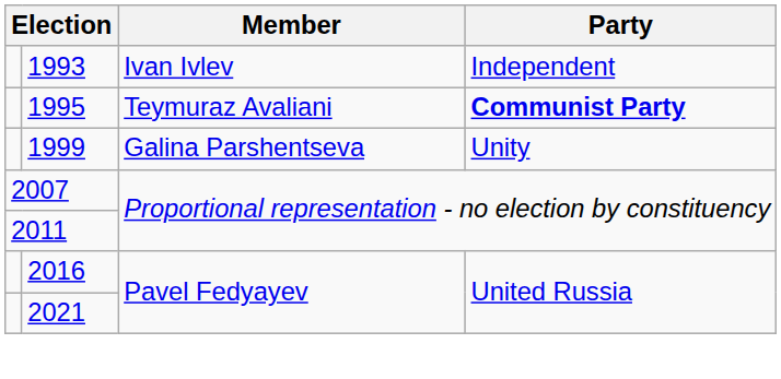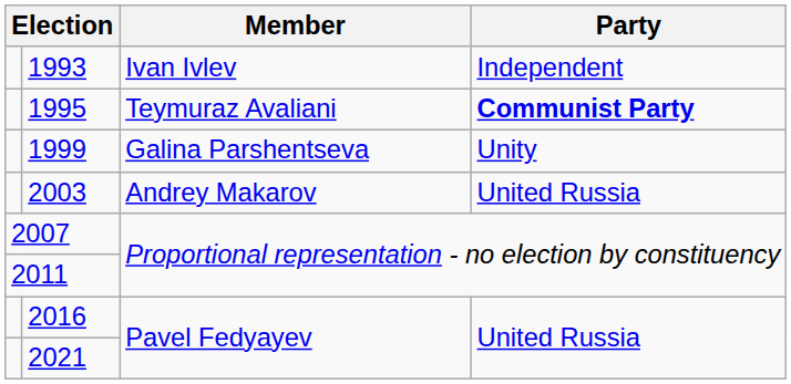 <table class="wikitable">
 <tr>
 <th colspan="2">Election</th>
 <th>Member</th>
 <th>Party</th>
 </tr>
 <tr>
 <td style="background-color:"></td>
 <td><a href='#'>1993</a></td>
 <td><a href='#'>Ivan Ivlev</a></td>
 <td><a href='#'>Independent</a></td>
 </tr>
 <tr>
 <td style="background-color:"></td>
 <td><a href='#'>1995</a></td>
 <td><a href='#'>Teymuraz Avaliani</a></td>
 <td><strong><a href='#'>Communist Party</a></strong></td>
 </tr>
 <tr>
 <td style="background-color:"></td>
 <td><a href='#'>1999</a></td>
 <td><a href='#'>Galina Parshentseva</a></td>
 <td><a href='#'>Unity</a></td>
 </tr>
 <tr>
+<td style="background-color:"></td>
+<td><a href='#'>2003</a></td>
+<td><a href='#'>Andrey Makarov</a></td>
+<td><a href='#'>United Russia</a></td>
+</tr>
+<tr>
 <td colspan=2><a href='#'>2007</a></td>
 <td colspan=2 rowspan=2><em><a href='#'>Proportional representation</a> - no election by constituency</em></td>
 </tr>
 <tr>
 <td colspan=2><a href='#'>2011</a></td>
 </tr>
 <tr>
 <td style="background-color: "></td>
 <td><a href='#'>2016</a></td>
 <td rowspan=2><a href='#'>Pavel Fedyayev</a></td>
 <td rowspan=2><a href='#'>United Russia</a></td>
 </tr>
 <tr>
 <td style="background-color: "></td>
 <td><a href='#'>2021</a></td>
 </tr>
 </table>
